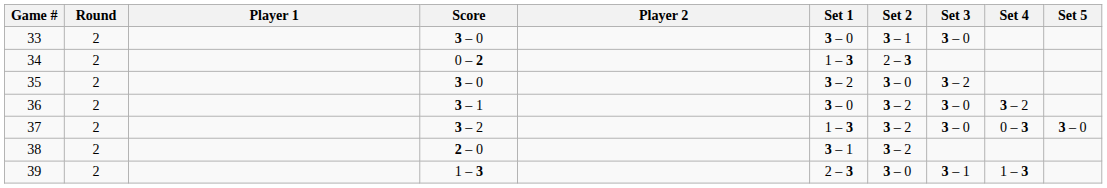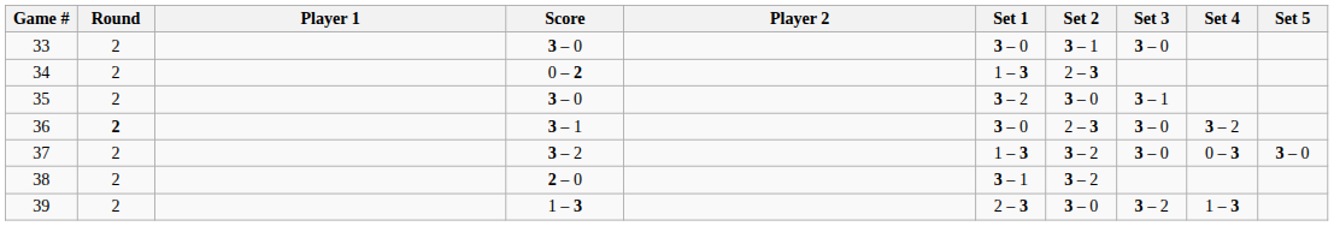 <table class="wikitable">
 <tr>
 <th width="2%">Game #</th>
 <th width="2%">Round</th>
 <th width="15%">Player 1</th>
 <th width="5%">Score</th>
 <th width="15%">Player 2</th>
 <th width="3%">Set 1</th>
 <th width="3%">Set 2</th>
 <th width="3%">Set 3</th>
 <th width="3%">Set 4</th>
 <th width="3%">Set 5</th>
 </tr>
 <tr style=text-align:center;"background:#;">
 <td>33</td>
 <td>2</td>
 <td></td>
 <td><strong>3</strong> – 0</td>
 <td></td>
 <td><strong>3</strong> – 0</td>
 <td><strong>3</strong> – 1</td>
 <td><strong>3</strong> – 0</td>
 <td></td>
 <td></td>
 </tr>
 <tr style=text-align:center;"background:#;">
 <td>34</td>
 <td>2</td>
 <td></td>
 <td>0 – <strong>2</strong></td>
 <td></td>
 <td>1 – <strong>3</strong></td>
 <td>2 – <strong>3</strong></td>
 <td></td>
 <td></td>
 <td></td>
 </tr>
 <tr style=text-align:center;"background:#;">
 <td>35</td>
 <td>2</td>
 <td></td>
 <td><strong>3</strong> – 0</td>
 <td></td>
 <td><strong>3</strong> – 2</td>
 <td><strong>3</strong> – 0</td>
-<td><strong>3</strong> – 2</td>
+<td><strong>3</strong> – 1</td>
 <td></td>
 <td></td>
 </tr>
 <tr style=text-align:center;"background:#;">
 <td>36</td>
-<td>2</td>
+<td><strong>2</strong></td>
 <td></td>
 <td><strong>3</strong> – 1</td>
 <td></td>
 <td><strong>3</strong> – 0</td>
-<td><strong>3</strong> – 2</td>
+<td>2 – <strong>3</strong></td>
 <td><strong>3</strong> – 0</td>
 <td><strong>3</strong> – 2</td>
 <td></td>
 </tr>
 <tr style=text-align:center;"background:#;">
 <td>37</td>
 <td>2</td>
 <td></td>
 <td><strong>3</strong> – 2</td>
 <td></td>
 <td>1 – <strong>3</strong></td>
 <td><strong>3</strong> – 2</td>
 <td><strong>3</strong> – 0</td>
 <td>0 – <strong>3</strong></td>
 <td><strong>3</strong> – 0</td>
 </tr>
 <tr style=text-align:center;"background:#;">
 <td>38</td>
 <td>2</td>
 <td></td>
 <td><strong>2</strong> – 0</td>
 <td></td>
 <td><strong>3</strong> – 1</td>
 <td><strong>3</strong> – 2</td>
 <td></td>
 <td></td>
 <td></td>
 </tr>
 <tr style=text-align:center;"background:#;">
 <td>39</td>
 <td>2</td>
 <td></td>
 <td>1 – <strong>3</strong></td>
 <td></td>
 <td>2 – <strong>3</strong></td>
 <td><strong>3</strong> – 0</td>
-<td><strong>3</strong> – 1</td>
+<td><strong>3</strong> – 2</td>
 <td>1 – <strong>3</strong></td>
 <td></td>
 </tr>
 </table>
